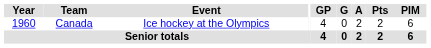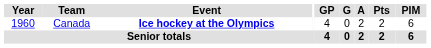 <table border="0" cellpadding="1" cellspacing="0" ID="Table3" style="text-align:center; width:40em">
 <tr bgcolor="#e0e0e0">
 <th>Year</th>
 <th>Team</th>
 <th>Event</th>
 <th rowspan="102" bgcolor="#ffffff"></th>
 <th>GP</th>
 <th>G</th>
 <th>A</th>
 <th>Pts</th>
 <th>PIM</th>
 </tr>
 <tr>
 <td><a href='#'>1960</a></td>
 <td><a href='#'>Canada</a></td>
-<td><a href='#'>Ice hockey at the Olympics</a></td>
+<td><strong><a href='#'>Ice hockey at the Olympics</a></strong></td>
 <td>4</td>
 <td>0</td>
 <td>2</td>
 <td>2</td>
 <td>6</td>
 </tr>
 <tr bgcolor="#e0e0e0">
 <th colspan="4">Senior totals</th>
 <th>4</th>
 <th>0</th>
 <th>2</th>
 <th>2</th>
 <th>6</th>
 </tr>
 </table>
